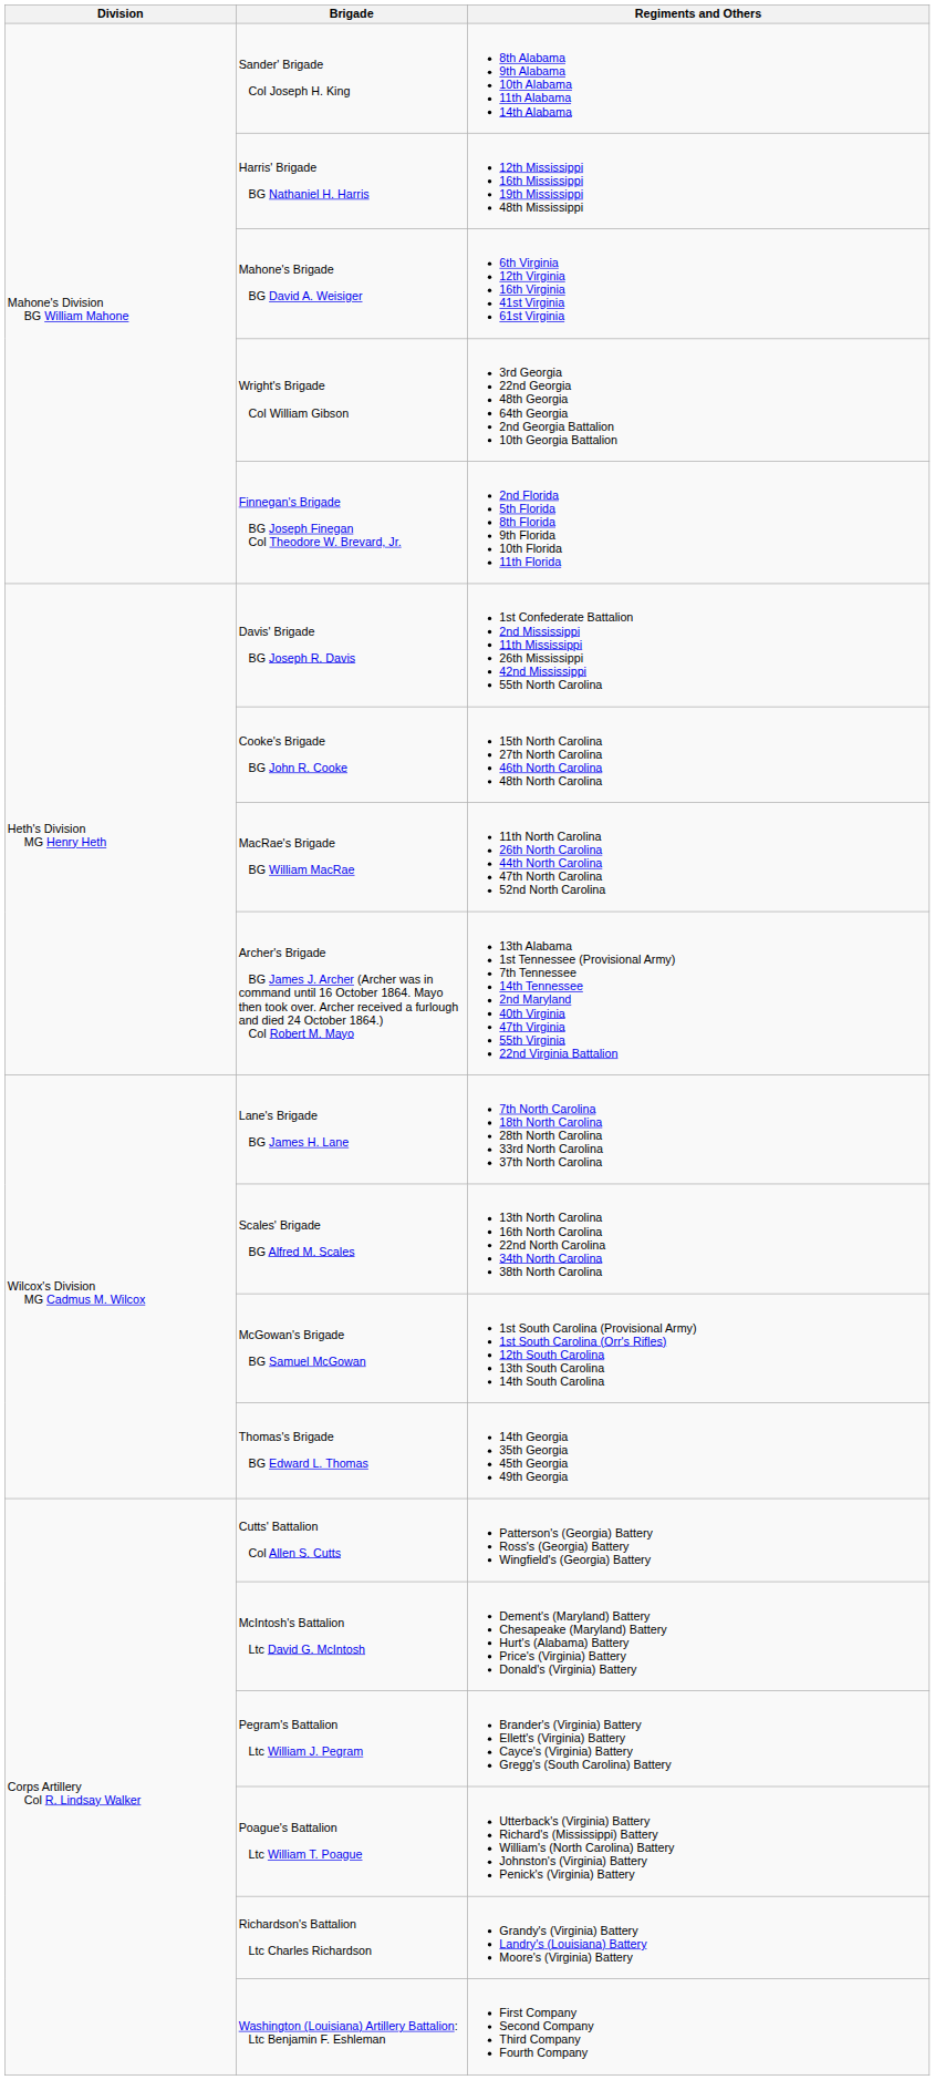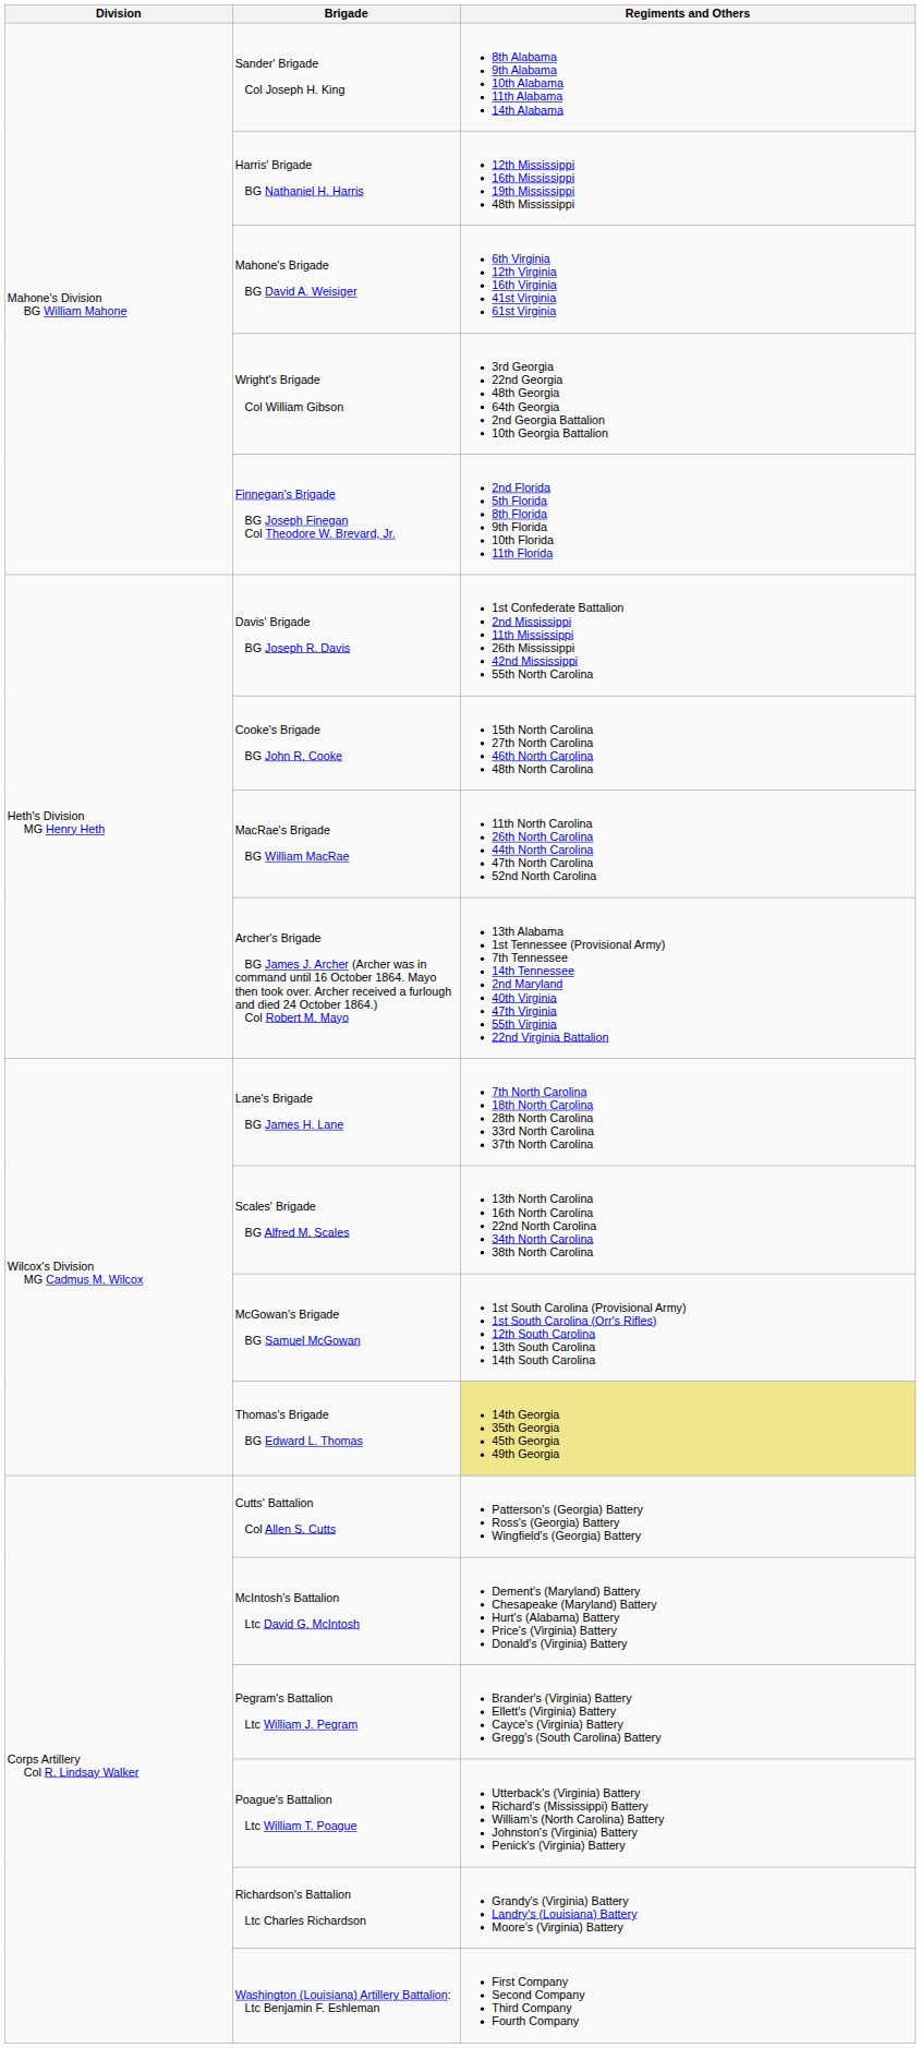 <table class="wikitable">
 <tr>
 <th width=25%>Division</th>
 <th width=25%>Brigade</th>
 <th>Regiments and Others</th>
 </tr>
 <tr>
 <td rowspan=5><br>Mahone's Division <br>     BG <a href='#'>William Mahone</a></td>
 <td>Sander' Brigade<br><br>   Col Joseph H. King</td>
 <td><br><ul><li><a href='#'>8th Alabama</a></li><li><a href='#'>9th Alabama</a></li><li><a href='#'>10th Alabama</a></li><li><a href='#'>11th Alabama</a></li><li><a href='#'>14th Alabama</a></li></ul></td>
 </tr>
 <tr>
 <td>Harris' Brigade<br><br>   BG <a href='#'>Nathaniel H. Harris</a></td>
 <td><br><ul><li><a href='#'>12th Mississippi</a></li><li><a href='#'>16th Mississippi</a></li><li><a href='#'>19th Mississippi</a></li><li>48th Mississippi</li></ul></td>
 </tr>
 <tr>
 <td>Mahone's Brigade<br><br>   BG <a href='#'>David A. Weisiger</a></td>
 <td><br><ul><li><a href='#'>6th Virginia</a></li><li><a href='#'>12th Virginia</a></li><li><a href='#'>16th Virginia</a></li><li><a href='#'>41st Virginia</a></li><li><a href='#'>61st Virginia</a></li></ul></td>
 </tr>
 <tr>
 <td>Wright's Brigade<br><br>   Col William Gibson</td>
 <td><br><ul><li>3rd Georgia</li><li>22nd Georgia</li><li>48th Georgia</li><li>64th Georgia</li><li>2nd Georgia Battalion</li><li>10th Georgia Battalion</li></ul></td>
 </tr>
 <tr>
 <td><a href='#'>Finnegan's Brigade</a><br><br>   BG <a href='#'>Joseph Finegan</a> <br>   Col <a href='#'>Theodore W. Brevard, Jr.</a></td>
 <td><br><ul><li><a href='#'>2nd Florida</a></li><li><a href='#'>5th Florida</a></li><li><a href='#'>8th Florida</a></li><li>9th Florida</li><li>10th Florida</li><li><a href='#'>11th Florida</a></li></ul></td>
 </tr>
 <tr>
 <td rowspan=4><br>Heth's Division <br>     MG <a href='#'>Henry Heth</a></td>
 <td>Davis' Brigade<br><br>   BG <a href='#'>Joseph R. Davis</a></td>
 <td><br><ul><li>1st Confederate Battalion</li><li><a href='#'>2nd Mississippi</a></li><li><a href='#'>11th Mississippi</a></li><li>26th Mississippi</li><li><a href='#'>42nd Mississippi</a></li><li>55th North Carolina</li></ul></td>
 </tr>
 <tr>
 <td>Cooke's Brigade<br><br>   BG <a href='#'>John R. Cooke</a></td>
 <td><br><ul><li>15th North Carolina</li><li>27th North Carolina</li><li><a href='#'>46th North Carolina</a></li><li>48th North Carolina</li></ul></td>
 </tr>
 <tr>
 <td>MacRae's Brigade<br><br>   BG <a href='#'>William MacRae</a></td>
 <td><br><ul><li>11th North Carolina</li><li><a href='#'>26th North Carolina</a></li><li><a href='#'>44th North Carolina</a></li><li>47th North Carolina</li><li>52nd North Carolina</li></ul></td>
 </tr>
 <tr>
 <td>Archer's Brigade<br><br>   BG <a href='#'>James J. Archer</a> (Archer was in command until 16 October 1864. Mayo then took over. Archer received a furlough and died 24 October 1864.) <br>   Col <a href='#'>Robert M. Mayo</a></td>
 <td><br><ul><li>13th Alabama</li><li>1st Tennessee (Provisional Army)</li><li>7th Tennessee</li><li><a href='#'>14th Tennessee</a></li><li><a href='#'>2nd Maryland</a></li><li><a href='#'>40th Virginia</a></li><li><a href='#'>47th Virginia</a></li><li><a href='#'>55th Virginia</a></li><li><a href='#'>22nd Virginia Battalion</a></li></ul></td>
 </tr>
 <tr>
 <td rowspan=4><br>Wilcox's Division <br>     MG <a href='#'>Cadmus M. Wilcox</a></td>
 <td>Lane's Brigade<br><br>   BG <a href='#'>James H. Lane</a></td>
 <td><br><ul><li><a href='#'>7th North Carolina</a></li><li><a href='#'>18th North Carolina</a></li><li>28th North Carolina</li><li>33rd North Carolina</li><li>37th North Carolina</li></ul></td>
 </tr>
 <tr>
 <td>Scales' Brigade<br><br>   BG <a href='#'>Alfred M. Scales</a></td>
 <td><br><ul><li>13th North Carolina</li><li>16th North Carolina</li><li>22nd North Carolina</li><li><a href='#'>34th North Carolina</a></li><li>38th North Carolina</li></ul></td>
 </tr>
 <tr>
 <td>McGowan's Brigade<br><br>   BG <a href='#'>Samuel McGowan</a></td>
 <td><br><ul><li>1st South Carolina (Provisional Army)</li><li><a href='#'>1st South Carolina (Orr's Rifles)</a></li><li><a href='#'>12th South Carolina</a></li><li>13th South Carolina</li><li>14th South Carolina</li></ul></td>
 </tr>
 <tr>
 <td>Thomas's Brigade<br><br>   BG <a href='#'>Edward L. Thomas</a></td>
-<td><br><ul><li>14th Georgia</li><li>35th Georgia</li><li>45th Georgia</li><li>49th Georgia</li></ul></td>
+<td style="background: khaki;"><br><ul><li>14th Georgia</li><li>35th Georgia</li><li>45th Georgia</li><li>49th Georgia</li></ul></td>
 </tr>
 <tr>
 <td rowspan=6><br>Corps Artillery <br>     Col <a href='#'>R. Lindsay Walker</a></td>
 <td>Cutts' Battalion<br><br>   Col <a href='#'>Allen S. Cutts</a></td>
 <td><br><ul><li>Patterson's (Georgia) Battery</li><li>Ross's (Georgia) Battery</li><li>Wingfield's (Georgia) Battery</li></ul></td>
 </tr>
 <tr>
 <td>McIntosh's Battalion<br><br>   Ltc <a href='#'>David G. McIntosh</a></td>
 <td><br><ul><li>Dement's (Maryland) Battery</li><li>Chesapeake (Maryland) Battery</li><li>Hurt's (Alabama) Battery</li><li>Price's (Virginia) Battery</li><li>Donald's (Virginia) Battery</li></ul></td>
 </tr>
 <tr>
 <td>Pegram's Battalion<br><br>   Ltc <a href='#'>William J. Pegram</a></td>
 <td><br><ul><li>Brander's (Virginia) Battery</li><li>Ellett's (Virginia) Battery</li><li>Cayce's (Virginia) Battery</li><li>Gregg's (South Carolina) Battery</li></ul></td>
 </tr>
 <tr>
 <td>Poague's Battalion<br><br>   Ltc <a href='#'>William T. Poague</a></td>
 <td><br><ul><li>Utterback's (Virginia) Battery</li><li>Richard's (Mississippi) Battery</li><li>William's (North Carolina) Battery</li><li>Johnston's (Virginia) Battery</li><li>Penick's (Virginia) Battery</li></ul></td>
 </tr>
 <tr>
 <td>Richardson's Battalion<br><br>   Ltc Charles Richardson</td>
 <td><br><ul><li>Grandy's (Virginia) Battery</li><li><a href='#'>Landry's (Louisiana) Battery</a></li><li>Moore's (Virginia) Battery</li></ul></td>
 </tr>
 <tr>
 <td><br><a href='#'>Washington (Louisiana) Artillery Battalion</a>: <br>   Ltc Benjamin F. Eshleman</td>
 <td><br><ul><li>First Company</li><li>Second Company</li><li>Third Company</li><li>Fourth Company</li></ul></td>
 </tr>
 </table>
